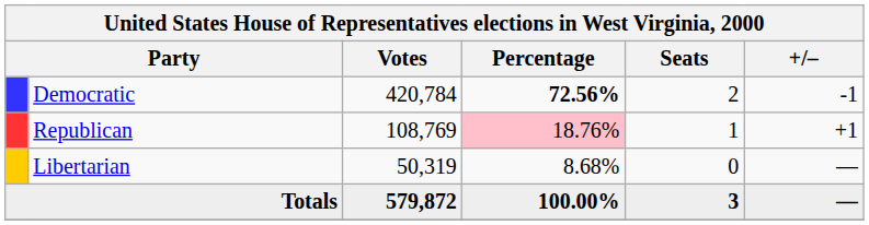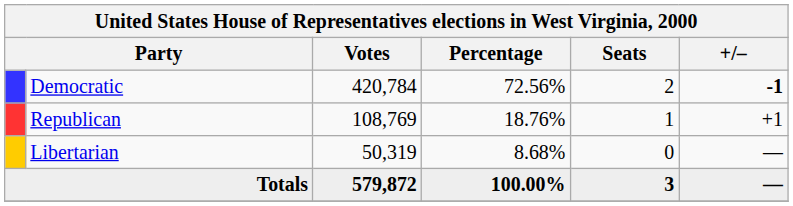 <table class="wikitable" style="font-size: 95%;">
 <tr>
 <th colspan="6">United States House of Representatives elections in West Virginia, 2000</th>
 </tr>
 <tr>
 <th colspan=2 style="width: 15em">Party</th>
 <th style="width: 5em">Votes</th>
 <th style="width: 7em">Percentage</th>
 <th style="width: 5em">Seats</th>
 <th style="width: 5em">+/–</th>
 </tr>
 <tr>
 <th style="background-color:#3333FF; width: 3px"></th>
 <td style="width: 130px"><a href='#'>Democratic</a></td>
 <td align="right">420,784</td>
-<td align="right"><strong>72.56%</strong></td>
+<td align="right">72.56%</td>
 <td align="right">2</td>
-<td align="right">-1</td>
+<td align="right"><strong>-1</strong></td>
 </tr>
 <tr>
 <th style="background-color:#FF3333; width: 3px"></th>
 <td style="width: 130px"><a href='#'>Republican</a></td>
 <td align="right">108,769</td>
-<td align="right" style="background: pink;">18.76%</td>
+<td align="right">18.76%</td>
 <td align="right">1</td>
 <td align="right">+1</td>
 </tr>
 <tr>
 <th style="background-color:#FFCC00; width: 3px"></th>
 <td style="width: 130px"><a href='#'>Libertarian</a></td>
 <td align="right">50,319</td>
 <td align="right">8.68%</td>
 <td align="right">0</td>
 <td align="right">—</td>
 </tr>
 <tr bgcolor="#EEEEEE">
 <td colspan="2" align="right"><strong>Totals</strong></td>
 <td align="right"><strong>579,872</strong></td>
 <td align="right"><strong>100.00%</strong></td>
 <td align="right"><strong>3</strong></td>
 <td align="right"><strong>—</strong></td>
 </tr>
 <tr bgcolor="#EEEEEE">
 </tr>
 </table>
